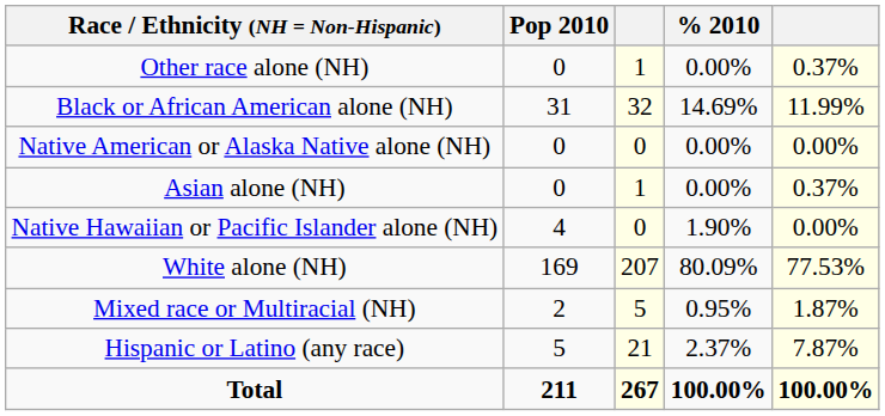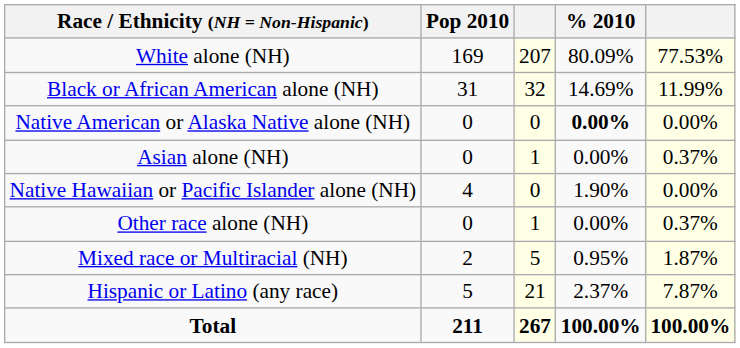 <table class="wikitable" style="text-align:center;">
 <tr>
 <th>Race / Ethnicity <small>(<em>NH = Non-Hispanic</em>)</small></th>
 <th>Pop 2010</th>
 <th></th>
 <th>% 2010</th>
 <th></th>
 </tr>
 <tr>
-<td><a href='#'>Other race</a> alone (NH)</td>
-<td>0</td>
-<td style='background: #ffffe6;'>1</td>
-<td>0.00%</td>
-<td style='background: #ffffe6;'>0.37%</td>
+<td><a href='#'>White</a> alone (NH)</td>
+<td>169</td>
+<td style='background: #ffffe6;'>207</td>
+<td>80.09%</td>
+<td style='background: #ffffe6;'>77.53%</td>
 </tr>
 <tr>
 <td><a href='#'>Black or African American</a> alone (NH)</td>
 <td>31</td>
 <td style='background: #ffffe6;'>32</td>
 <td>14.69%</td>
 <td style='background: #ffffe6;'>11.99%</td>
 </tr>
 <tr>
 <td><a href='#'>Native American</a> or <a href='#'>Alaska Native</a> alone (NH)</td>
 <td>0</td>
 <td style='background: #ffffe6;'>0</td>
-<td>0.00%</td>
+<td><strong>0.00%</strong></td>
 <td style='background: #ffffe6;'>0.00%</td>
 </tr>
 <tr>
 <td><a href='#'>Asian</a> alone (NH)</td>
 <td>0</td>
 <td style='background: #ffffe6;'>1</td>
 <td>0.00%</td>
 <td style='background: #ffffe6;'>0.37%</td>
 </tr>
 <tr>
 <td><a href='#'>Native Hawaiian</a> or <a href='#'>Pacific Islander</a> alone (NH)</td>
 <td>4</td>
 <td style='background: #ffffe6;'>0</td>
 <td>1.90%</td>
 <td style='background: #ffffe6;'>0.00%</td>
 </tr>
 <tr>
-<td><a href='#'>White</a> alone (NH)</td>
-<td>169</td>
-<td style='background: #ffffe6;'>207</td>
-<td>80.09%</td>
-<td style='background: #ffffe6;'>77.53%</td>
+<td><a href='#'>Other race</a> alone (NH)</td>
+<td>0</td>
+<td style='background: #ffffe6;'>1</td>
+<td>0.00%</td>
+<td style='background: #ffffe6;'>0.37%</td>
 </tr>
 <tr>
 <td><a href='#'>Mixed race or Multiracial</a> (NH)</td>
 <td>2</td>
 <td style='background: #ffffe6;'>5</td>
 <td>0.95%</td>
 <td style='background: #ffffe6;'>1.87%</td>
 </tr>
 <tr>
 <td><a href='#'>Hispanic or Latino</a> (any race)</td>
 <td>5</td>
 <td style='background: #ffffe6;'>21</td>
 <td>2.37%</td>
 <td style='background: #ffffe6;'>7.87%</td>
 </tr>
 <tr>
 <td><strong>Total</strong></td>
 <td><strong>211</strong></td>
 <td style='background: #ffffe6;'><strong>267</strong></td>
 <td><strong>100.00%</strong></td>
 <td style='background: #ffffe6;'><strong>100.00%</strong></td>
 </tr>
 </table>
